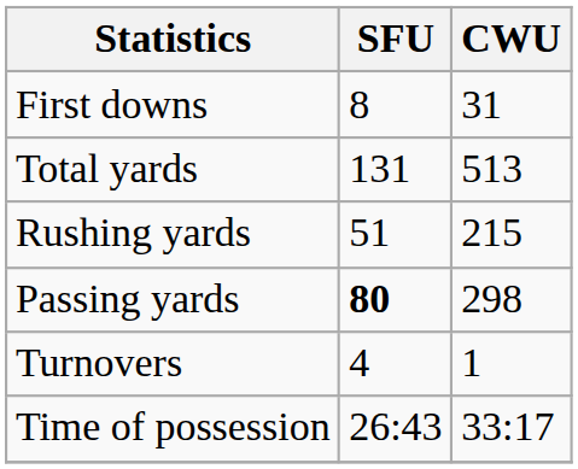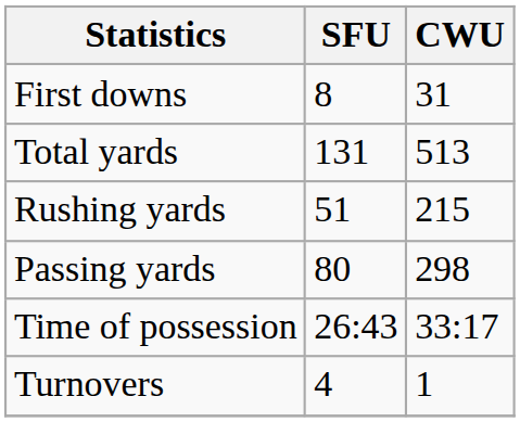 <table class="wikitable" style="float: left;">
 <tr>
 <th>Statistics</th>
 <th>SFU</th>
 <th>CWU</th>
 </tr>
 <tr>
 <td>First downs</td>
 <td>8</td>
 <td>31</td>
 </tr>
 <tr>
 <td>Total yards</td>
 <td>131</td>
 <td>513</td>
 </tr>
 <tr>
 <td>Rushing yards</td>
 <td>51</td>
 <td>215</td>
 </tr>
 <tr>
 <td>Passing yards</td>
-<td><strong>80</strong></td>
+<td>80</td>
 <td>298</td>
+</tr>
+<tr>
+<td>Time of possession</td>
+<td>26:43</td>
+<td>33:17</td>
 </tr>
 <tr>
 <td>Turnovers</td>
 <td>4</td>
 <td>1</td>
 </tr>
 <tr>
-<td>Time of possession</td>
-<td>26:43</td>
-<td>33:17</td>
-</tr>
-<tr>
 </tr>
 </table>
